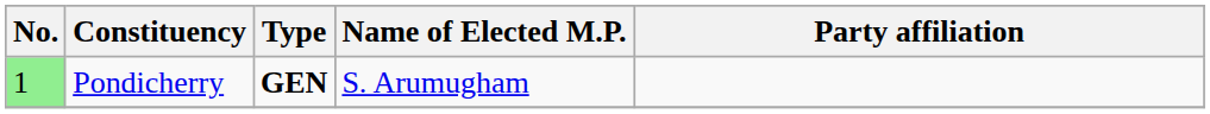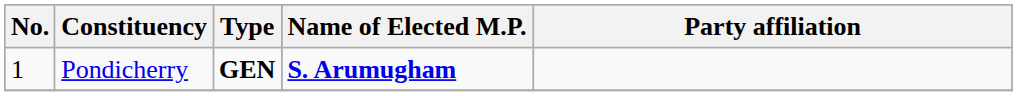 <table class="wikitable" style="font-size:95%;">
 <tr>
 <th>No.</th>
 <th>Constituency</th>
 <th>Type</th>
 <th>Name of Elected M.P.</th>
 <th colspan="2" style="width:18em">Party affiliation</th>
 </tr>
 <tr>
-<td style="background: lightgreen;">1</td>
+<td>1</td>
 <td><a href='#'>Pondicherry</a></td>
 <td><strong>GEN</strong></td>
-<td><a href='#'>S. Arumugham</a></td>
+<td><strong><a href='#'>S. Arumugham</a></strong></td>
 <td></td>
 </tr>
 <tr>
 </tr>
 </table>
